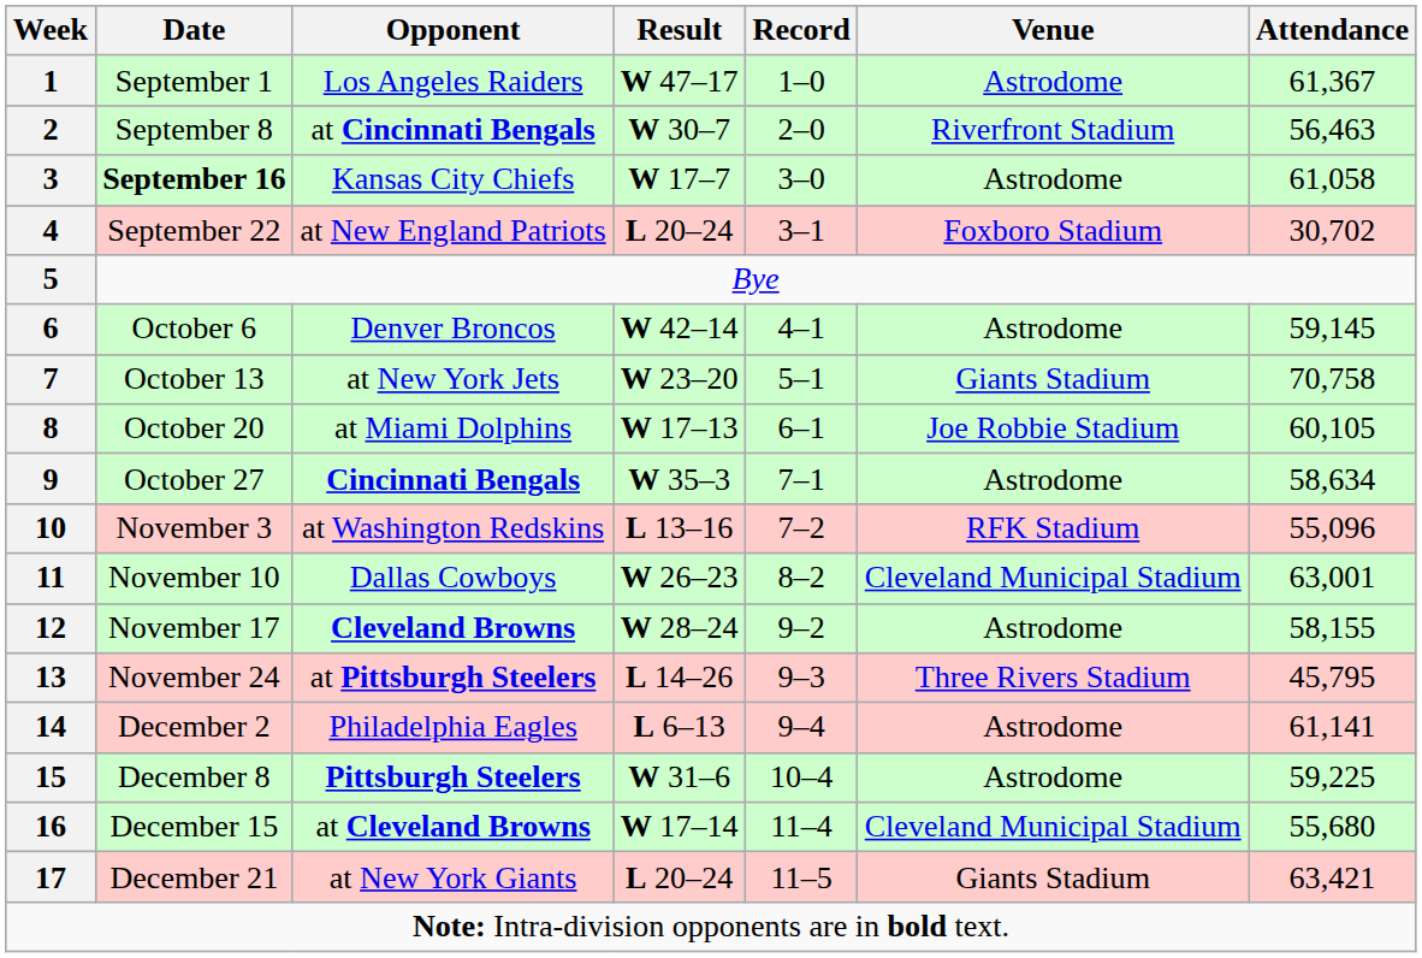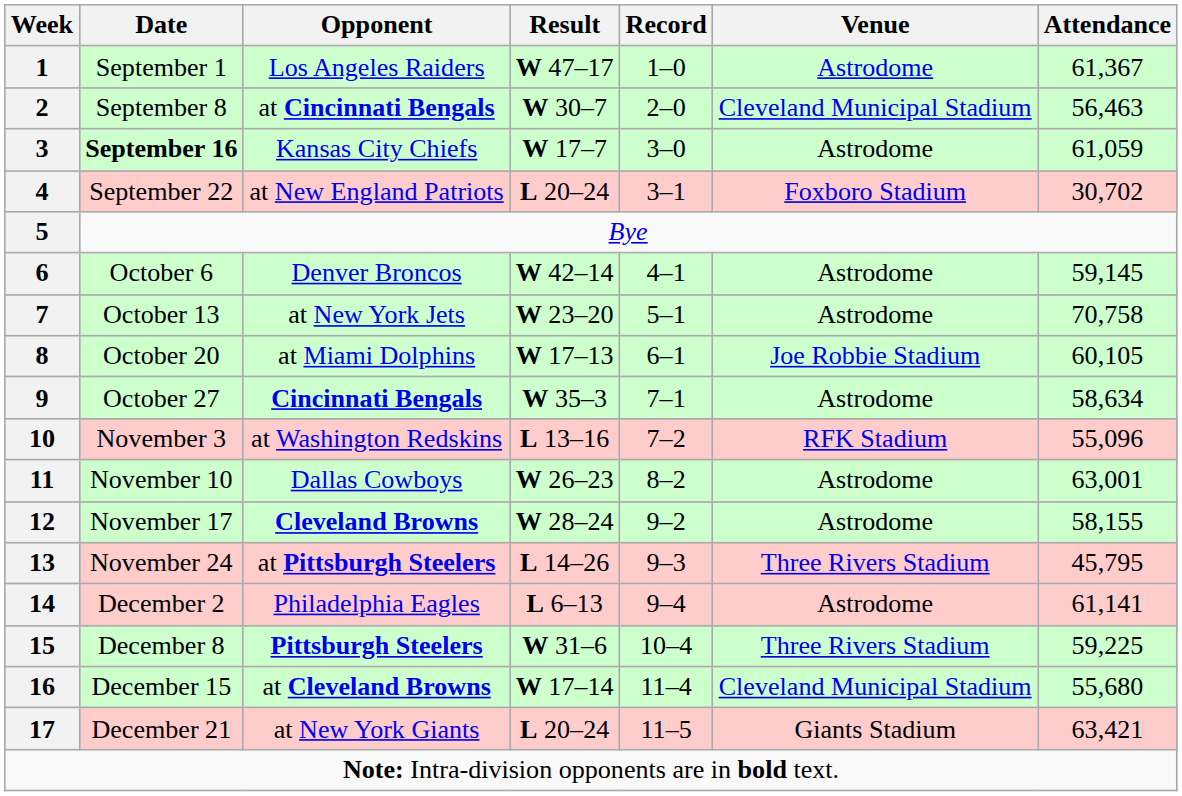 <table class="wikitable" style="text-align:center">
 <tr>
 <th>Week</th>
 <th>Date</th>
 <th>Opponent</th>
 <th>Result</th>
 <th>Record</th>
 <th>Venue</th>
 <th>Attendance</th>
 </tr>
 <tr style="background:#cfc">
 <th>1</th>
 <td>September 1</td>
 <td><a href='#'>Los Angeles Raiders</a></td>
 <td><strong>W</strong> 47–17</td>
 <td>1–0</td>
 <td><a href='#'>Astrodome</a></td>
 <td>61,367</td>
 </tr>
 <tr style="background:#cfc">
 <th>2</th>
 <td>September 8</td>
 <td>at <strong><a href='#'>Cincinnati Bengals</a></strong></td>
 <td><strong>W</strong> 30–7</td>
 <td>2–0</td>
-<td><a href='#'>Riverfront Stadium</a></td>
+<td><a href='#'>Cleveland Municipal Stadium</a></td>
 <td>56,463</td>
 </tr>
 <tr style="background:#cfc">
 <th>3</th>
 <td><strong>September 16</strong></td>
 <td><a href='#'>Kansas City Chiefs</a></td>
 <td><strong>W</strong> 17–7</td>
 <td>3–0</td>
 <td>Astrodome</td>
-<td>61,058</td>
+<td>61,059</td>
 </tr>
 <tr style="background:#fcc">
 <th>4</th>
 <td>September 22</td>
 <td>at <a href='#'>New England Patriots</a></td>
 <td><strong>L</strong> 20–24</td>
 <td>3–1</td>
 <td><a href='#'>Foxboro Stadium</a></td>
 <td>30,702</td>
 </tr>
 <tr>
 <th>5</th>
 <td colspan="6" align="center"><em><a href='#'>Bye</a></em></td>
 </tr>
 <tr style="background:#cfc">
 <th>6</th>
 <td>October 6</td>
 <td><a href='#'>Denver Broncos</a></td>
 <td><strong>W</strong> 42–14</td>
 <td>4–1</td>
 <td>Astrodome</td>
 <td>59,145</td>
 </tr>
 <tr style="background:#cfc">
 <th>7</th>
 <td>October 13</td>
 <td>at <a href='#'>New York Jets</a></td>
 <td><strong>W</strong> 23–20</td>
 <td>5–1</td>
-<td><a href='#'>Giants Stadium</a></td>
+<td>Astrodome</td>
 <td>70,758</td>
 </tr>
 <tr style="background:#cfc">
 <th>8</th>
 <td>October 20</td>
 <td>at <a href='#'>Miami Dolphins</a></td>
 <td><strong>W</strong> 17–13</td>
 <td>6–1</td>
 <td><a href='#'>Joe Robbie Stadium</a></td>
 <td>60,105</td>
 </tr>
 <tr style="background:#cfc">
 <th>9</th>
 <td>October 27</td>
 <td><strong><a href='#'>Cincinnati Bengals</a></strong></td>
 <td><strong>W</strong> 35–3</td>
 <td>7–1</td>
 <td>Astrodome</td>
 <td>58,634</td>
 </tr>
 <tr style="background:#fcc">
 <th>10</th>
 <td>November 3</td>
 <td>at <a href='#'>Washington Redskins</a></td>
 <td><strong>L</strong> 13–16 </td>
 <td>7–2</td>
 <td><a href='#'>RFK Stadium</a></td>
 <td>55,096</td>
 </tr>
 <tr style="background:#cfc">
 <th>11</th>
 <td>November 10</td>
 <td><a href='#'>Dallas Cowboys</a></td>
 <td><strong>W</strong> 26–23 </td>
 <td>8–2</td>
-<td><a href='#'>Cleveland Municipal Stadium</a></td>
+<td>Astrodome</td>
 <td>63,001</td>
 </tr>
 <tr style="background:#cfc">
 <th>12</th>
 <td>November 17</td>
 <td><strong><a href='#'>Cleveland Browns</a></strong></td>
 <td><strong>W</strong> 28–24</td>
 <td>9–2</td>
 <td>Astrodome</td>
 <td>58,155</td>
 </tr>
 <tr style="background:#fcc">
 <th>13</th>
 <td>November 24</td>
 <td>at <strong><a href='#'>Pittsburgh Steelers</a></strong></td>
 <td><strong>L</strong> 14–26</td>
 <td>9–3</td>
 <td><a href='#'>Three Rivers Stadium</a></td>
 <td>45,795</td>
 </tr>
 <tr style="background:#fcc">
 <th>14</th>
 <td>December 2</td>
 <td><a href='#'>Philadelphia Eagles</a></td>
 <td><strong>L</strong> 6–13</td>
 <td>9–4</td>
 <td>Astrodome</td>
 <td>61,141</td>
 </tr>
 <tr style="background:#cfc">
 <th>15</th>
 <td>December 8</td>
 <td><strong><a href='#'>Pittsburgh Steelers</a></strong></td>
 <td><strong>W</strong> 31–6</td>
 <td>10–4</td>
-<td>Astrodome</td>
+<td><a href='#'>Three Rivers Stadium</a></td>
 <td>59,225</td>
 </tr>
 <tr style="background:#cfc">
 <th>16</th>
 <td>December 15</td>
 <td>at <strong><a href='#'>Cleveland Browns</a></strong></td>
 <td><strong>W</strong> 17–14</td>
 <td>11–4</td>
 <td><a href='#'>Cleveland Municipal Stadium</a></td>
 <td>55,680</td>
 </tr>
 <tr style="background:#fcc">
 <th>17</th>
 <td>December 21</td>
 <td>at <a href='#'>New York Giants</a></td>
 <td><strong>L</strong> 20–24</td>
 <td>11–5</td>
 <td>Giants Stadium</td>
 <td>63,421</td>
 </tr>
 <tr>
 <td colspan="8"><strong>Note:</strong> Intra-division opponents are in <strong>bold</strong> text.</td>
 </tr>
 </table>
